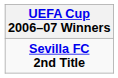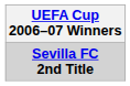 <table class="wikitable" style="text-align: center; margin: 0 auto;">
 <tr>
 <th><a href='#'>UEFA Cup</a><br>2006–07 Winners</th>
 </tr>
 <tr>
-<td><strong><a href='#'>Sevilla FC</a></strong><br><strong>2nd Title</strong></td>
+<td style="background: lightgrey;"><strong><a href='#'>Sevilla FC</a></strong><br><strong>2nd Title</strong></td>
 </tr>
 </table>
